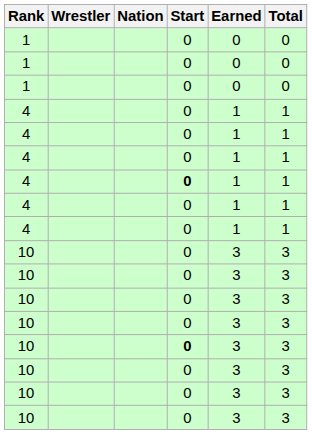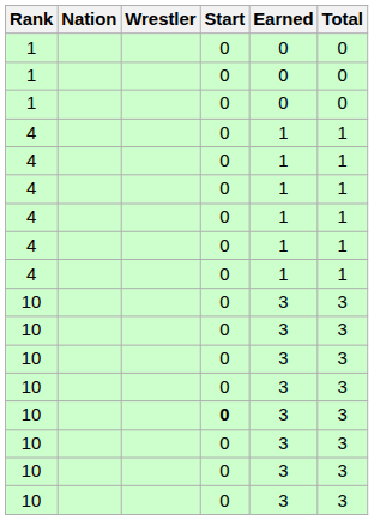 <table class="wikitable sortable" style="text-align:center;">
 <tr>
 <th>Rank</th>
+<th>Nation</th>
 <th>Wrestler</th>
-<th>Nation</th>
 <th>Start</th>
 <th>Earned</th>
 <th>Total</th>
 </tr>
 <tr style="background:#cfc;">
 <td>1</td>
 <td align=left></td>
 <td align=left></td>
 <td>0</td>
 <td>0</td>
 <td>0</td>
 </tr>
 <tr style="background:#cfc;">
 <td>1</td>
 <td align=left></td>
 <td align=left></td>
 <td>0</td>
 <td>0</td>
 <td>0</td>
 </tr>
 <tr style="background:#cfc;">
 <td>1</td>
 <td align=left></td>
 <td align=left></td>
 <td>0</td>
 <td>0</td>
 <td>0</td>
 </tr>
 <tr style="background:#cfc;">
 <td>4</td>
 <td align=left></td>
 <td align=left></td>
 <td>0</td>
 <td>1</td>
 <td>1</td>
 </tr>
 <tr style="background:#cfc;">
 <td>4</td>
 <td align=left></td>
 <td align=left></td>
 <td>0</td>
 <td>1</td>
 <td>1</td>
 </tr>
 <tr style="background:#cfc;">
 <td>4</td>
 <td align=left></td>
 <td align=left></td>
 <td>0</td>
 <td>1</td>
 <td>1</td>
 </tr>
 <tr style="background:#cfc;">
 <td>4</td>
 <td align=left></td>
 <td align=left></td>
-<td><strong>0</strong></td>
+<td>0</td>
 <td>1</td>
 <td>1</td>
 </tr>
 <tr style="background:#cfc;">
 <td>4</td>
 <td align=left></td>
 <td align=left></td>
 <td>0</td>
 <td>1</td>
 <td>1</td>
 </tr>
 <tr style="background:#cfc;">
 <td>4</td>
 <td align=left></td>
 <td align=left></td>
 <td>0</td>
 <td>1</td>
 <td>1</td>
 </tr>
 <tr style="background:#cfc;">
 <td>10</td>
 <td align=left></td>
 <td align=left></td>
 <td>0</td>
 <td>3</td>
 <td>3</td>
 </tr>
 <tr style="background:#cfc;">
 <td>10</td>
 <td align=left></td>
 <td align=left></td>
 <td>0</td>
 <td>3</td>
 <td>3</td>
 </tr>
 <tr style="background:#cfc;">
 <td>10</td>
 <td align=left></td>
 <td align=left></td>
 <td>0</td>
 <td>3</td>
 <td>3</td>
 </tr>
 <tr style="background:#cfc;">
 <td>10</td>
 <td align=left></td>
 <td align=left></td>
 <td>0</td>
 <td>3</td>
 <td>3</td>
 </tr>
 <tr style="background:#cfc;">
 <td>10</td>
 <td align=left></td>
 <td align=left></td>
 <td><strong>0</strong></td>
 <td>3</td>
 <td>3</td>
 </tr>
 <tr style="background:#cfc;">
 <td>10</td>
 <td align=left></td>
 <td align=left></td>
 <td>0</td>
 <td>3</td>
 <td>3</td>
 </tr>
 <tr style="background:#cfc;">
 <td>10</td>
 <td align=left></td>
 <td align=left></td>
 <td>0</td>
 <td>3</td>
 <td>3</td>
 </tr>
 <tr style="background:#cfc;">
 <td>10</td>
 <td align=left></td>
 <td align=left></td>
 <td>0</td>
 <td>3</td>
 <td>3</td>
 </tr>
 </table>
